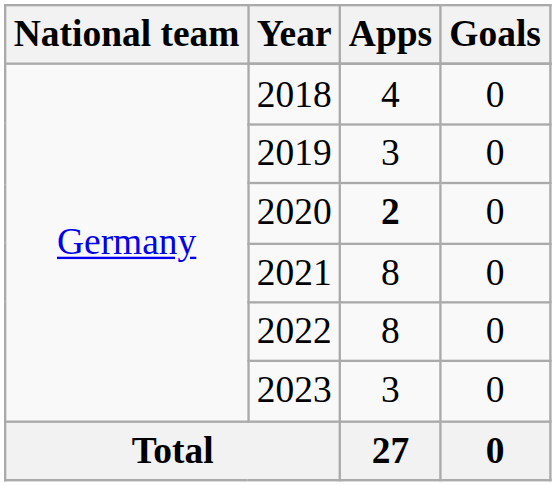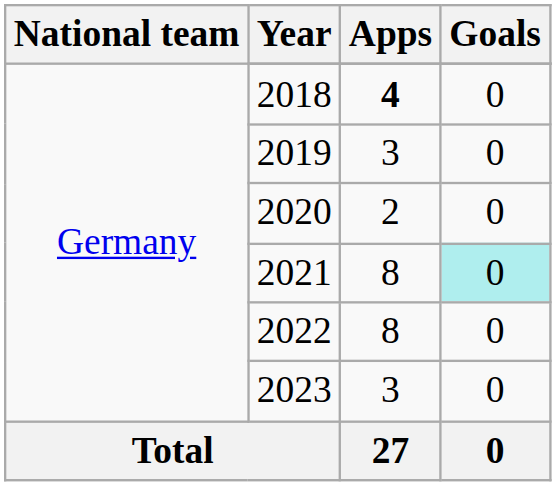 <table class="wikitable" style="text-align:center">
 <tr>
 <th>National team</th>
 <th>Year</th>
 <th>Apps</th>
 <th>Goals</th>
 </tr>
 <tr>
 <td rowspan="7"><a href='#'>Germany</a></td>
 </tr>
 <tr>
 <td>2018</td>
-<td>4</td>
+<td><strong>4</strong></td>
 <td>0</td>
 </tr>
 <tr>
 <td>2019</td>
 <td>3</td>
 <td>0</td>
 </tr>
 <tr>
 <td>2020</td>
-<td><strong>2</strong></td>
+<td>2</td>
 <td>0</td>
 </tr>
 <tr>
 <td>2021</td>
 <td>8</td>
-<td>0</td>
+<td style="background: paleturquoise;">0</td>
 </tr>
 <tr>
 <td>2022</td>
 <td>8</td>
 <td>0</td>
 </tr>
 <tr>
 <td>2023</td>
 <td>3</td>
 <td>0</td>
 </tr>
 <tr>
 <th colspan="2">Total</th>
 <th>27</th>
 <th>0</th>
 </tr>
 </table>
